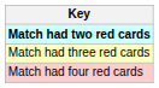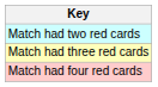 <table class="wikitable">
 <tr>
 <th>Key</th>
 </tr>
 <tr style="background:#ccffff">
-<td><strong>Match had two red cards</strong></td>
+<td>Match had two red cards</td>
 </tr>
 <tr style="background:#ffffbb">
 <td>Match had three red cards</td>
 </tr>
 <tr style="background:#ffcccc">
 <td>Match had four red cards</td>
 </tr>
 </table>
